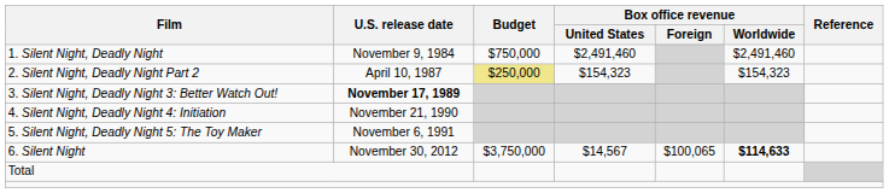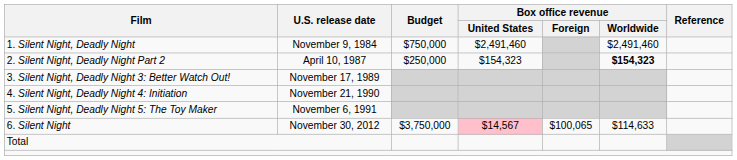 <table class="wikitable" style="width:90%;">
 <tr>
 <th rowspan="2" style="text-align:center;"><strong>Film</strong></th>
 <th rowspan="2" style="text-align:center;"><strong>U.S. release date</strong></th>
 <th rowspan="2" style="text-align:center;"><strong>Budget</strong></th>
 <th colspan="3" style="text-align:center;"><strong>Box office revenue</strong></th>
 <th rowspan="2" style="text-align:center;"><strong>Reference</strong></th>
 </tr>
 <tr>
 <th style="text-align:center;"><strong>United States</strong></th>
 <th style="text-align:center;"><strong>Foreign</strong></th>
 <th style="text-align:center;"><strong>Worldwide</strong></th>
 </tr>
 <tr>
 <td>1. <em>Silent Night, Deadly Night</em></td>
 <td style="text-align:center;">November 9, 1984</td>
 <td style="text-align:center;">$750,000</td>
 <td style="text-align:center;">$2,491,460</td>
 <td style="background:lightgrey;"></td>
 <td style="text-align:center">$2,491,460</td>
 <td style="text-align:center;"></td>
 </tr>
 <tr>
 <td>2. <em>Silent Night, Deadly Night Part 2</em></td>
 <td style="text-align:center;">April 10, 1987</td>
-<td style="background: khaki; text-align:center;">$250,000</td>
+<td style="text-align:center;">$250,000</td>
 <td style="text-align:center;">$154,323</td>
 <td style="background:lightgrey;"></td>
-<td style="text-align:center;">$154,323</td>
+<td style="text-align:center;"><strong>$154,323</strong></td>
 <td style="text-align:center;"></td>
 </tr>
 <tr>
 <td>3. <em>Silent Night, Deadly Night 3: Better Watch Out!</em></td>
-<td style="text-align:center;"><strong>November 17, 1989 </strong></td>
+<td style="text-align:center;">November 17, 1989 </td>
 <td style="background:lightgrey;"></td>
 <td style="background:lightgrey;"></td>
 <td style="background:lightgrey;"></td>
 <td style="background:lightgrey;"></td>
 <td style="text-align:center;"></td>
 </tr>
 <tr>
 <td>4. <em>Silent Night, Deadly Night 4: Initiation</em></td>
 <td style="text-align:center;">November 21, 1990 </td>
 <td style="background:lightgrey;"></td>
 <td style="background:lightgrey;"></td>
 <td style="background:lightgrey;"></td>
 <td style="background:lightgrey;"></td>
 <td style="text-align:center;"></td>
 </tr>
 <tr>
 <td>5. <em>Silent Night, Deadly Night 5: The Toy Maker</em></td>
 <td style="text-align:center;">November 6, 1991 </td>
 <td style="background:lightgrey;"></td>
 <td style="background:lightgrey;"></td>
 <td style="background:lightgrey;"></td>
 <td style="background:lightgrey;"></td>
 <td style="text-align:center;"></td>
 </tr>
 <tr>
 <td>6. <em>Silent Night</em></td>
 <td style="text-align:center;">November 30, 2012</td>
 <td style="text-align:center">$3,750,000</td>
-<td style="text-align:center">$14,567</td>
+<td style="background: pink; text-align:center">$14,567</td>
 <td style="text-align:center">$100,065</td>
-<td style="text-align:center"><strong>$114,633</strong></td>
+<td style="text-align:center">$114,633</td>
 <td style="text-align:center;"></td>
 </tr>
 <tr>
 <td colspan="2">Total</td>
 <td></td>
 <td></td>
 <td></td>
 <td></td>
 <td style="background:lightgrey;"></td>
 </tr>
 <tr>
 <td colspan="7"></td>
 </tr>
 </table>
